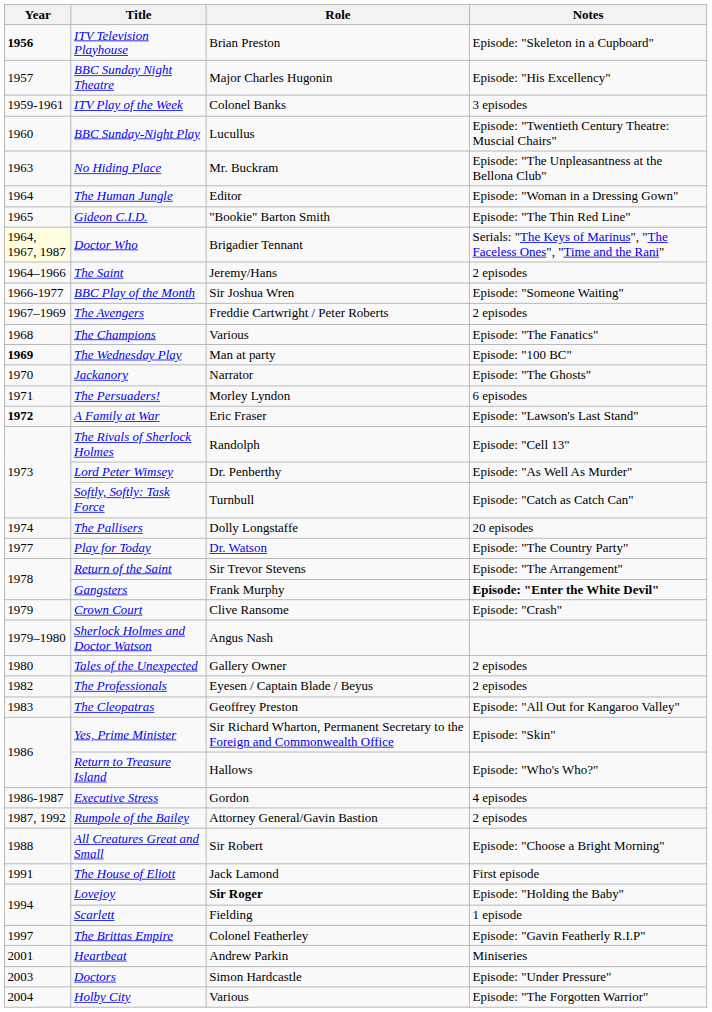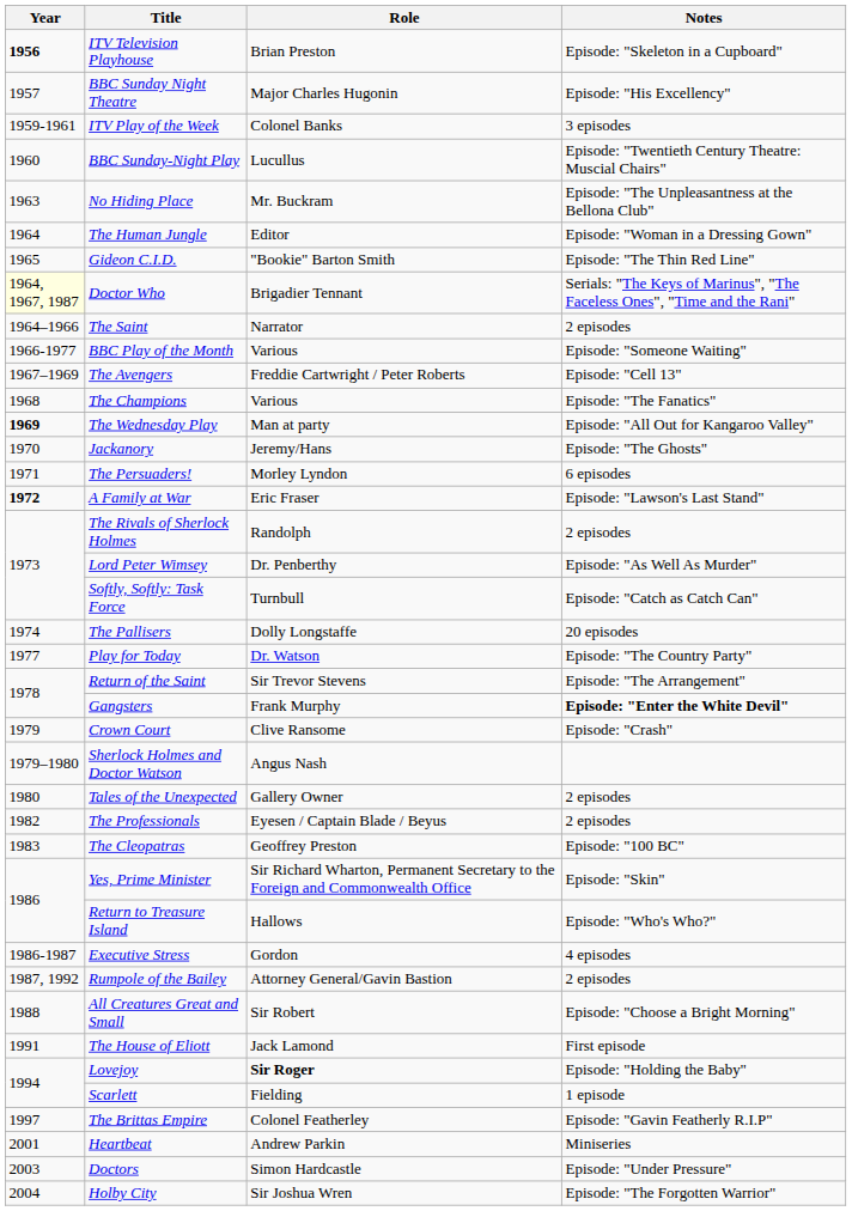 <table class="wikitable">
 <tr>
 <th>Year</th>
 <th>Title</th>
 <th>Role</th>
 <th>Notes</th>
 </tr>
 <tr>
 <td><strong>1956</strong></td>
 <td><a href='#'><em>ITV Television Playhouse</em></a></td>
 <td>Brian Preston</td>
 <td>Episode: "Skeleton in a Cupboard"</td>
 </tr>
 <tr>
 <td>1957</td>
 <td><a href='#'><em>BBC Sunday Night Theatre</em></a></td>
 <td>Major Charles Hugonin</td>
 <td>Episode: "His Excellency"</td>
 </tr>
 <tr>
 <td>1959-1961</td>
 <td><em><a href='#'>ITV Play of the Week</a></em></td>
 <td>Colonel Banks</td>
 <td>3 episodes</td>
 </tr>
 <tr>
 <td>1960</td>
 <td><a href='#'><em>BBC Sunday-Night Play</em></a></td>
 <td>Lucullus</td>
 <td>Episode: "Twentieth Century Theatre: Muscial Chairs"</td>
 </tr>
 <tr>
 <td>1963</td>
 <td><a href='#'><em>No Hiding Place</em></a></td>
 <td>Mr. Buckram</td>
 <td>Episode: "The Unpleasantness at the Bellona Club"</td>
 </tr>
 <tr>
 <td>1964</td>
 <td><a href='#'><em>The Human Jungle</em></a></td>
 <td>Editor</td>
 <td>Episode: "Woman in a Dressing Gown"</td>
 </tr>
 <tr>
 <td>1965</td>
 <td><a href='#'><em>Gideon C.I.D.</em></a></td>
 <td>"Bookie" Barton Smith</td>
 <td>Episode: "The Thin Red Line"</td>
 </tr>
 <tr>
 <td style="background: lightyellow;">1964, 1967, 1987</td>
 <td><em><a href='#'>Doctor Who</a></em></td>
 <td>Brigadier Tennant</td>
 <td>Serials: "<a href='#'>The Keys of Marinus</a>", "<a href='#'>The Faceless Ones</a>", "<a href='#'>Time and the Rani</a>"</td>
 </tr>
 <tr>
 <td>1964–1966</td>
 <td><em><a href='#'>The Saint</a></em></td>
-<td>Jeremy/Hans</td>
+<td>Narrator</td>
 <td>2 episodes</td>
 </tr>
 <tr>
 <td>1966-1977</td>
 <td><a href='#'><em>BBC Play of the Month</em></a></td>
-<td>Sir Joshua Wren</td>
+<td>Various</td>
 <td>Episode: "Someone Waiting"</td>
 </tr>
 <tr>
 <td>1967–1969</td>
 <td><em><a href='#'>The Avengers</a></em></td>
 <td>Freddie Cartwright / Peter Roberts</td>
-<td>2 episodes</td>
+<td>Episode: "Cell 13"</td>
 </tr>
 <tr>
 <td>1968</td>
 <td><em><a href='#'>The Champions</a></em></td>
 <td>Various</td>
 <td>Episode: "The Fanatics"</td>
 </tr>
 <tr>
 <td><strong>1969</strong></td>
 <td><a href='#'><em>The Wednesday Play</em></a></td>
 <td>Man at party</td>
-<td>Episode: "100 BC"</td>
+<td>Episode: "All Out for Kangaroo Valley"</td>
 </tr>
 <tr>
 <td>1970</td>
 <td><em><a href='#'>Jackanory</a></em></td>
-<td>Narrator</td>
+<td>Jeremy/Hans</td>
 <td>Episode: "The Ghosts"</td>
 </tr>
 <tr>
 <td>1971</td>
 <td><em><a href='#'>The Persuaders!</a></em></td>
 <td>Morley Lyndon</td>
 <td>6 episodes</td>
 </tr>
 <tr>
 <td><strong>1972</strong></td>
 <td><a href='#'><em>A Family at War</em></a></td>
 <td>Eric Fraser</td>
 <td>Episode: "Lawson's Last Stand"</td>
 </tr>
 <tr>
 <td rowspan="3">1973</td>
 <td><a href='#'><em>The Rivals of Sherlock Holmes</em></a></td>
 <td>Randolph</td>
-<td>Episode: "Cell 13"</td>
+<td>2 episodes</td>
 </tr>
 <tr>
 <td><a href='#'><em>Lord Peter Wimsey</em></a></td>
 <td>Dr. Penberthy</td>
 <td>Episode: "As Well As Murder"</td>
 </tr>
 <tr>
 <td><a href='#'><em>Softly, Softly: Task Force</em></a></td>
 <td>Turnbull</td>
 <td>Episode: "Catch as Catch Can"</td>
 </tr>
 <tr>
 <td>1974</td>
 <td><a href='#'><em>The Pallisers</em></a></td>
 <td>Dolly Longstaffe</td>
 <td>20 episodes</td>
 </tr>
 <tr>
 <td>1977</td>
 <td><em><a href='#'>Play for Today</a></em></td>
 <td><a href='#'>Dr. Watson</a></td>
 <td>Episode: "The Country Party"</td>
 </tr>
 <tr>
 <td rowspan="2">1978</td>
 <td><a href='#'><em>Return of the Saint</em></a></td>
 <td>Sir Trevor Stevens</td>
 <td>Episode: "The Arrangement"</td>
 </tr>
 <tr>
 <td><em><a href='#'>Gangsters</a></em></td>
 <td>Frank Murphy</td>
 <td><strong>Episode: "Enter the White Devil"</strong></td>
 </tr>
 <tr>
 <td>1979</td>
 <td><em><a href='#'>Crown Court</a></em></td>
 <td>Clive Ransome</td>
 <td>Episode: "Crash"</td>
 </tr>
 <tr>
 <td>1979–1980</td>
 <td><em><a href='#'>Sherlock Holmes and Doctor Watson</a></em></td>
 <td>Angus Nash</td>
 <td></td>
 </tr>
 <tr>
 <td>1980</td>
 <td><a href='#'><em>Tales of the Unexpected</em></a></td>
 <td>Gallery Owner</td>
 <td>2 episodes</td>
 </tr>
 <tr>
 <td>1982</td>
 <td><em><a href='#'>The Professionals</a></em></td>
 <td>Eyesen / Captain Blade / Beyus</td>
 <td>2 episodes</td>
 </tr>
 <tr>
 <td>1983</td>
 <td><a href='#'><em>The Cleopatras</em></a></td>
 <td>Geoffrey Preston</td>
-<td>Episode: "All Out for Kangaroo Valley"</td>
+<td>Episode: "100 BC"</td>
 </tr>
 <tr>
 <td rowspan="2">1986</td>
 <td><em><a href='#'>Yes, Prime Minister</a></em></td>
 <td>Sir Richard Wharton, Permanent Secretary to the <a href='#'>Foreign and Commonwealth Office</a></td>
 <td>Episode: "Skin"</td>
 </tr>
 <tr>
 <td><a href='#'><em>Return to Treasure Island</em></a></td>
 <td>Hallows</td>
 <td>Episode: "Who's Who?"</td>
 </tr>
 <tr>
 <td>1986-1987</td>
 <td><a href='#'><em>Executive Stress</em></a></td>
 <td>Gordon</td>
 <td>4 episodes</td>
 </tr>
 <tr>
 <td>1987, 1992</td>
 <td><a href='#'><em>Rumpole of the Bailey</em></a></td>
 <td>Attorney General/Gavin Bastion</td>
 <td>2 episodes</td>
 </tr>
 <tr>
 <td>1988</td>
 <td><a href='#'><em>All Creatures Great and Small</em></a></td>
 <td>Sir Robert</td>
 <td>Episode: "Choose a Bright Morning"</td>
 </tr>
 <tr>
 <td>1991</td>
 <td><a href='#'><em>The House of Eliott</em></a></td>
 <td>Jack Lamond</td>
 <td>First episode</td>
 </tr>
 <tr>
 <td rowspan="2">1994</td>
 <td><em><a href='#'>Lovejoy</a></em></td>
 <td><strong>Sir Roger</strong></td>
 <td>Episode: "Holding the Baby"</td>
 </tr>
 <tr>
 <td><em><a href='#'>Scarlett</a></em></td>
 <td>Fielding</td>
 <td>1 episode</td>
 </tr>
 <tr>
 <td>1997</td>
 <td><a href='#'><em>The Brittas Empire</em></a></td>
 <td>Colonel Featherley</td>
 <td>Episode: "Gavin Featherly R.I.P"</td>
 </tr>
 <tr>
 <td>2001</td>
 <td><a href='#'><em>Heartbeat</em></a></td>
 <td>Andrew Parkin</td>
 <td>Miniseries</td>
 </tr>
 <tr>
 <td>2003</td>
 <td><em><a href='#'>Doctors</a></em></td>
 <td>Simon Hardcastle</td>
 <td>Episode: "Under Pressure"</td>
 </tr>
 <tr>
 <td>2004</td>
 <td><a href='#'><em>Holby City</em></a></td>
-<td>Various</td>
+<td>Sir Joshua Wren</td>
 <td>Episode: "The Forgotten Warrior"</td>
 </tr>
 </table>
